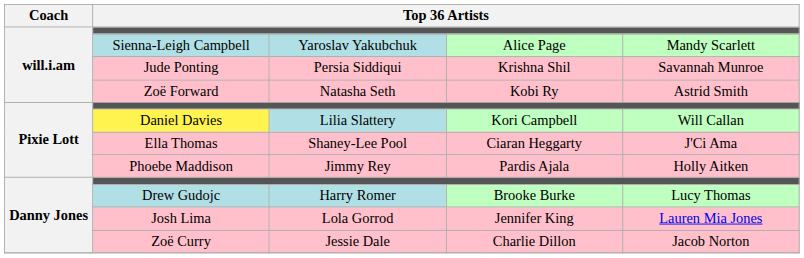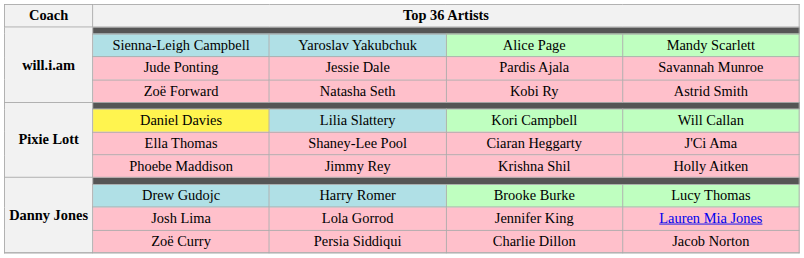 <table class="wikitable" style="text-align:center; width:100%;">
 <tr>
 <th scope="col" style="width:10%;">Coach</th>
 <th scope="col" colspan="6">Top 36 Artists</th>
 </tr>
 <tr>
 <th scope="row" rowspan="4">will.i.am</th>
 <td colspan="6" style="background:#555;"></td>
 </tr>
 <tr>
 <td style="background:#B0E0E6; width:20%;">Sienna-Leigh Campbell</td>
 <td style="background:#B0E0E6; width:20%;">Yaroslav Yakubchuk</td>
 <td style="background:#BFFFC0;">Alice Page</td>
 <td style="background:#BFFFC0; width:20%;">Mandy Scarlett</td>
 </tr>
 <tr>
 <td style="background:pink;">Jude Ponting</td>
-<td style="background:pink;">Persia Siddiqui</td>
-<td style="background:pink;">Krishna Shil</td>
+<td style="background:pink;">Jessie Dale</td>
+<td style="background:pink;">Pardis Ajala</td>
 <td style="background:pink;">Savannah Munroe</td>
 </tr>
 <tr>
 <td style="background:pink;">Zoë Forward</td>
 <td style="background:pink;">Natasha Seth</td>
 <td style="background:pink;">Kobi Ry</td>
 <td style="background:pink;">Astrid Smith</td>
 </tr>
 <tr>
 <th scope="row" rowspan="4">Pixie Lott</th>
 <td colspan="6" style="background:#555;"></td>
 </tr>
 <tr>
 <td style="background:#FFF44F;">Daniel Davies</td>
 <td style="background:#B0E0E6;">Lilia Slattery</td>
 <td style="background:#BFFFC0; width:20%;">Kori Campbell</td>
 <td style="background:#BFFFC0;">Will Callan</td>
 </tr>
 <tr>
 <td style="background:pink;">Ella Thomas</td>
 <td style="background:pink;">Shaney-Lee Pool</td>
 <td style="background:pink;">Ciaran Heggarty</td>
 <td style="background:pink;">J'Ci Ama</td>
 </tr>
 <tr>
 <td style="background:pink;">Phoebe Maddison</td>
 <td style="background:pink;">Jimmy Rey</td>
-<td style="background:pink;">Pardis Ajala</td>
+<td style="background:pink;">Krishna Shil</td>
 <td style="background:pink;">Holly Aitken</td>
 </tr>
 <tr>
 <th scope="row" rowspan="4">Danny Jones</th>
 <td colspan="6" style="background:#555;"></td>
 </tr>
 <tr>
 <td style="background:#B0E0E6;">Drew Gudojc</td>
 <td style="background:#B0E0E6;">Harry Romer</td>
 <td style="background:#BFFFC0;">Brooke Burke</td>
 <td style="background:#BFFFC0;">Lucy Thomas</td>
 </tr>
 <tr>
 <td style="background:pink;">Josh Lima</td>
 <td style="background:pink;">Lola Gorrod</td>
 <td style="background:pink;">Jennifer King</td>
 <td style="background:pink;"><a href='#'>Lauren Mia Jones</a></td>
 </tr>
 <tr>
 <td style="background:pink;">Zoë Curry</td>
-<td style="background:pink;">Jessie Dale</td>
+<td style="background:pink;">Persia Siddiqui</td>
 <td style="background:pink;">Charlie Dillon</td>
 <td style="background:pink;">Jacob Norton</td>
 </tr>
 <tr>
 </tr>
 </table>
